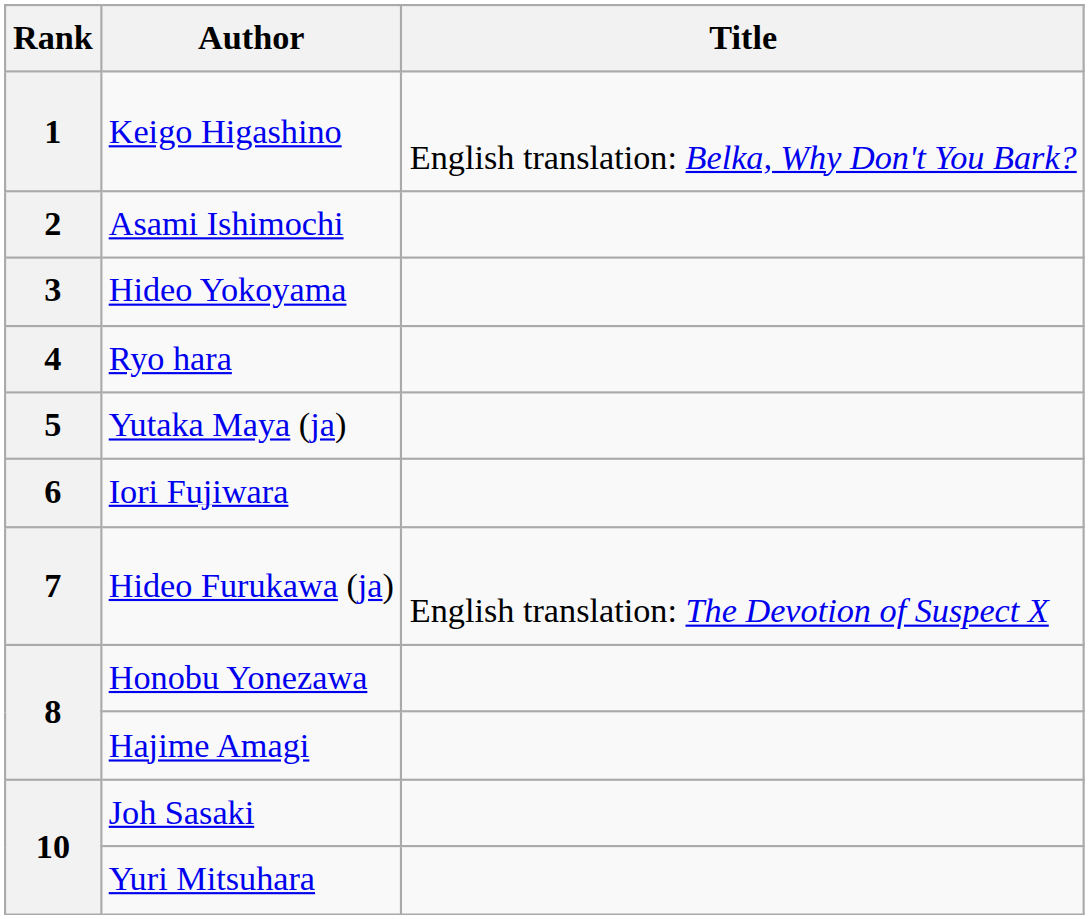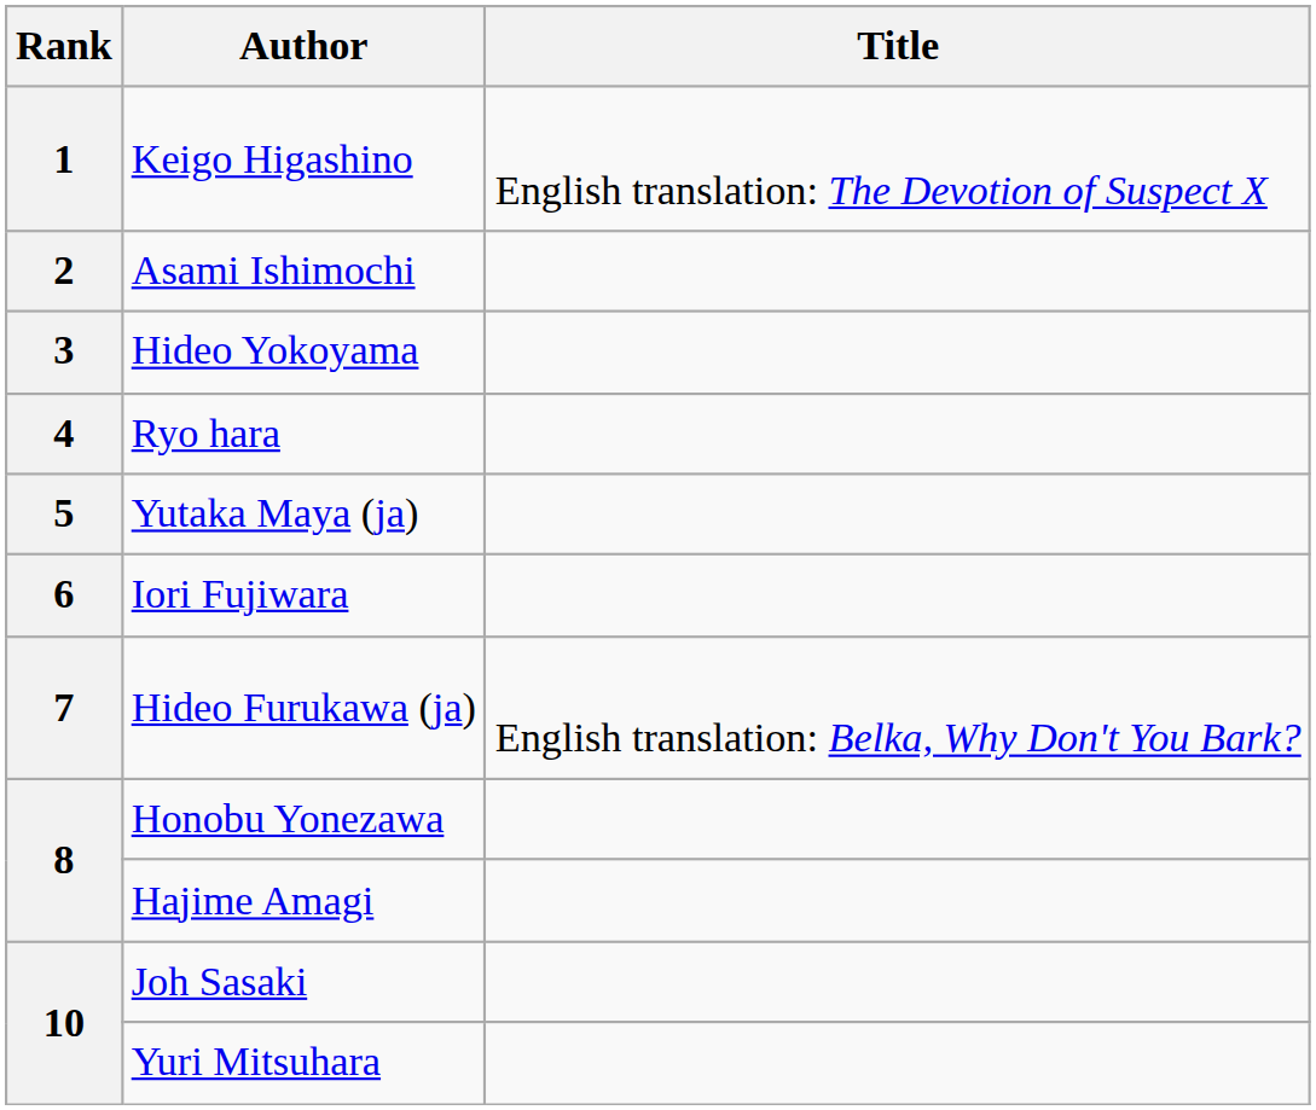 <table class="wikitable sortable" style="font-size:1.00em; line-height:1.5em;">
 <tr>
 <th>Rank</th>
 <th>Author</th>
 <th>Title</th>
 </tr>
 <tr>
 <th>1</th>
 <td><a href='#'>Keigo Higashino</a></td>
-<td><br>English translation: <em><a href='#'>Belka, Why Don't You Bark?</a></em></td>
+<td><br>English translation: <em><a href='#'>The Devotion of Suspect X</a></em></td>
 </tr>
 <tr>
 <th>2</th>
 <td><a href='#'>Asami Ishimochi</a></td>
 <td></td>
 </tr>
 <tr>
 <th>3</th>
 <td><a href='#'>Hideo Yokoyama</a></td>
 <td></td>
 </tr>
 <tr>
 <th>4</th>
 <td><a href='#'>Ryo hara</a></td>
 <td></td>
 </tr>
 <tr>
 <th>5</th>
 <td><a href='#'>Yutaka Maya</a> (<a href='#'>ja</a>)</td>
 <td></td>
 </tr>
 <tr>
 <th>6</th>
 <td><a href='#'>Iori Fujiwara</a></td>
 <td></td>
 </tr>
 <tr>
 <th>7</th>
 <td><a href='#'>Hideo Furukawa</a> (<a href='#'>ja</a>)</td>
-<td><br>English translation: <em><a href='#'>The Devotion of Suspect X</a></em></td>
+<td><br>English translation: <em><a href='#'>Belka, Why Don't You Bark?</a></em></td>
 </tr>
 <tr>
 <th rowspan="2">8</th>
 <td><a href='#'>Honobu Yonezawa</a></td>
 <td></td>
 </tr>
 <tr>
 <td><a href='#'>Hajime Amagi</a></td>
 <td></td>
 </tr>
 <tr>
 <th rowspan="2">10</th>
 <td><a href='#'>Joh Sasaki</a></td>
 <td></td>
 </tr>
 <tr>
 <td><a href='#'>Yuri Mitsuhara</a></td>
 <td></td>
 </tr>
 </table>
